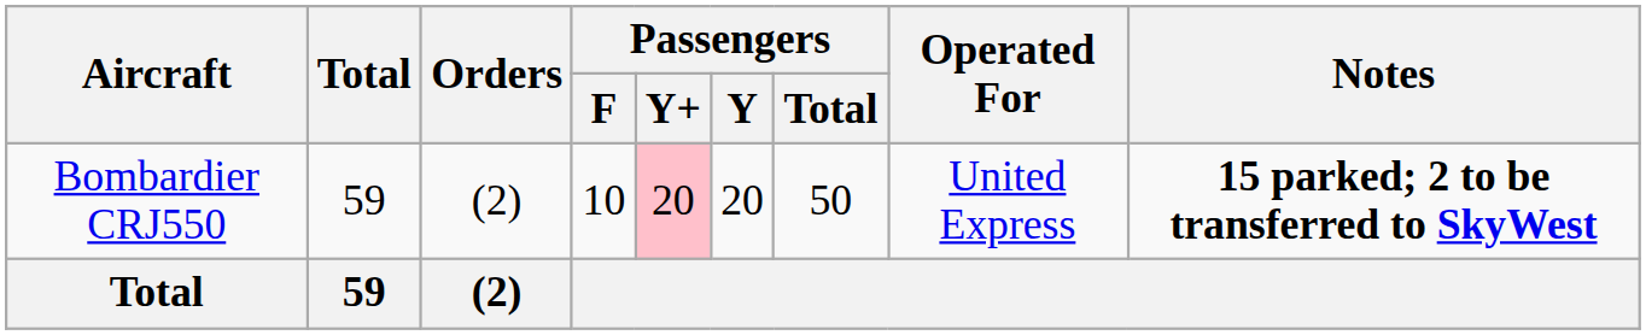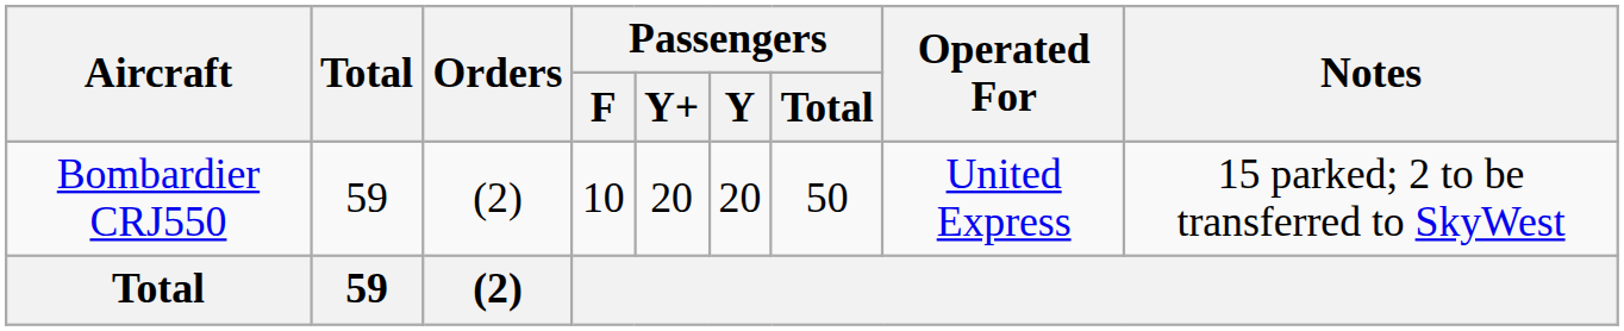 <table class="wikitable" style="border-collapse:collapse;text-align:center;">
 <tr>
 <th rowspan=2>Aircraft</th>
 <th rowspan=2>Total</th>
 <th rowspan=2>Orders</th>
 <th colspan=4>Passengers</th>
 <th rowspan=2>Operated For</th>
 <th rowspan=2>Notes</th>
 </tr>
 <tr>
 <th><abbr>F</abbr></th>
 <th><abbr>Y+</abbr></th>
 <th><abbr>Y</abbr></th>
 <th>Total</th>
 </tr>
 <tr>
 <td><a href='#'>Bombardier CRJ550</a></td>
 <td>59</td>
 <td>(2)</td>
 <td>10</td>
-<td style="background: pink;">20</td>
+<td>20</td>
 <td>20</td>
 <td>50</td>
 <td><a href='#'>United Express</a></td>
-<td><strong>15 parked; 2 to be transferred to <a href='#'>SkyWest</a></strong></td>
+<td>15 parked; 2 to be transferred to <a href='#'>SkyWest</a></td>
 </tr>
 <tr>
 <th>Total</th>
 <th>59</th>
 <th>(2)</th>
 <th colspan="6"> </th>
 </tr>
 </table>
